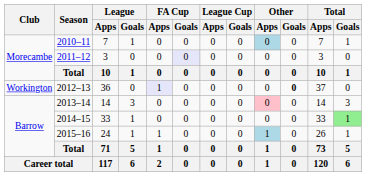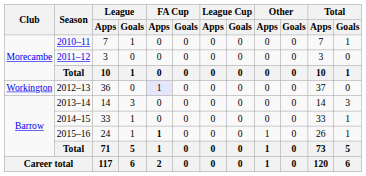 <table class="wikitable" style="text-align:center">
 <tr>
 <th rowspan="2">Club</th>
 <th rowspan="2">Season</th>
 <th colspan="2">League</th>
 <th colspan="2">FA Cup</th>
 <th colspan="2">League Cup</th>
 <th colspan="2">Other</th>
 <th colspan="2">Total</th>
 </tr>
 <tr>
 <th>Apps</th>
 <th>Goals</th>
 <th>Apps</th>
 <th>Goals</th>
 <th>Apps</th>
 <th>Goals</th>
 <th>Apps</th>
 <th>Goals</th>
 <th>Apps</th>
 <th>Goals</th>
 </tr>
 <tr>
 <td rowspan="3" valign="center"><a href='#'>Morecambe</a></td>
 <td><a href='#'>2010–11</a></td>
 <td>7</td>
 <td>1</td>
 <td>0</td>
 <td>0</td>
 <td>0</td>
 <td>0</td>
-<td style="background: lightblue;">0</td>
+<td>0</td>
 <td>0</td>
 <td>7</td>
 <td>1</td>
 </tr>
 <tr>
 <td><a href='#'>2011–12</a></td>
 <td>3</td>
 <td>0</td>
 <td>0</td>
-<td style="background: lavender;">0</td>
+<td>0</td>
 <td>0</td>
 <td>0</td>
 <td>0</td>
 <td>0</td>
 <td>3</td>
 <td>0</td>
 </tr>
 <tr>
 <th>Total</th>
 <th>10</th>
 <th>1</th>
 <th>0</th>
 <th>0</th>
 <th>0</th>
 <th>0</th>
 <th>0</th>
 <th>0</th>
 <th>10</th>
 <th>1</th>
 </tr>
 <tr>
 <td rowspan="1" valign="center"><a href='#'>Workington</a></td>
 <td>2012–13</td>
 <td>36</td>
 <td>0</td>
 <td style="background: lavender;">1</td>
 <td>0</td>
 <td>0</td>
 <td>0</td>
 <td>0</td>
-<td><strong>0</strong></td>
+<td>0</td>
 <td>37</td>
 <td>0</td>
 </tr>
 <tr>
 <td rowspan="4" valign="center"><a href='#'>Barrow</a></td>
 <td>2013–14</td>
 <td>14</td>
 <td>3</td>
 <td>0</td>
 <td>0</td>
 <td>0</td>
 <td>0</td>
-<td style="background: pink;">0</td>
+<td>0</td>
 <td>0</td>
 <td>14</td>
 <td>3</td>
 </tr>
 <tr>
 <td>2014–15</td>
 <td>33</td>
 <td>1</td>
 <td>0</td>
 <td>0</td>
 <td>0</td>
 <td>0</td>
 <td>0</td>
 <td>0</td>
 <td>33</td>
-<td style="background: lightgreen;">1</td>
+<td>1</td>
 </tr>
 <tr>
 <td>2015–16</td>
 <td>24</td>
 <td>1</td>
-<td>1</td>
+<td><strong>1</strong></td>
 <td>0</td>
 <td>0</td>
 <td>0</td>
-<td style="background: lightblue;">1</td>
+<td>1</td>
 <td>0</td>
 <td>26</td>
 <td>1</td>
 </tr>
 <tr>
 <th>Total</th>
 <th>71</th>
 <th>5</th>
 <th>1</th>
 <th>0</th>
 <th>0</th>
 <th>0</th>
 <th>1</th>
 <th>0</th>
 <th>73</th>
 <th>5</th>
 </tr>
 <tr>
 <th colspan="2">Career total</th>
 <th>117</th>
 <th>6</th>
 <th>2</th>
 <th>0</th>
 <th>0</th>
 <th>0</th>
 <th>1</th>
 <th>0</th>
 <th>120</th>
 <th>6</th>
 </tr>
 </table>
